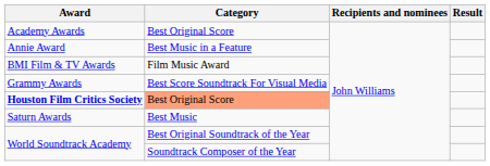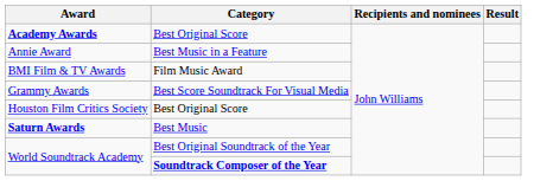 <table class="wikitable sortable plainrowheaders">
 <tr>
 <th>Award</th>
 <th>Category</th>
 <th>Recipients and nominees</th>
 <th>Result</th>
 </tr>
 <tr>
-<td><a href='#'>Academy Awards</a></td>
+<td><strong><a href='#'>Academy Awards</a></strong></td>
 <td><a href='#'>Best Original Score</a></td>
 <td rowspan="8"><a href='#'>John Williams</a></td>
 <td></td>
 </tr>
 <tr>
 <td><a href='#'>Annie Award</a></td>
 <td><a href='#'>Best Music in a Feature</a></td>
 <td></td>
 </tr>
 <tr>
 <td><a href='#'>BMI Film & TV Awards</a></td>
 <td>Film Music Award</td>
 <td></td>
 </tr>
 <tr>
 <td><a href='#'>Grammy Awards</a></td>
 <td><a href='#'>Best Score Soundtrack For Visual Media</a></td>
 <td></td>
 </tr>
 <tr>
-<td><strong><a href='#'>Houston Film Critics Society</a></strong></td>
-<td style="background: lightsalmon;">Best Original Score</td>
+<td><a href='#'>Houston Film Critics Society</a></td>
+<td>Best Original Score</td>
 <td></td>
 </tr>
 <tr>
-<td><a href='#'>Saturn Awards</a></td>
+<td><strong><a href='#'>Saturn Awards</a></strong></td>
 <td><a href='#'>Best Music</a></td>
 <td></td>
 </tr>
 <tr>
 <td rowspan="2"><a href='#'>World Soundtrack Academy</a></td>
 <td><a href='#'>Best Original Soundtrack of the Year</a></td>
 <td></td>
 </tr>
 <tr>
-<td><a href='#'>Soundtrack Composer of the Year</a></td>
+<td><strong><a href='#'>Soundtrack Composer of the Year</a></strong></td>
 <td><br></td>
 </tr>
 </table>
